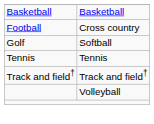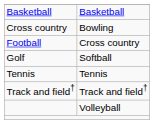 <table class="wikitable" style=" ">
 <tr>
 </tr>
 <tr>
 <td><a href='#'>Basketball</a></td>
 <td><a href='#'>Basketball</a></td>
+</tr>
+<tr>
+<td>Cross country</td>
+<td>Bowling</td>
 </tr>
 <tr>
 <td><a href='#'>Football</a></td>
 <td>Cross country</td>
 </tr>
 <tr>
 <td>Golf</td>
 <td>Softball</td>
 </tr>
 <tr>
 <td>Tennis</td>
 <td>Tennis</td>
 </tr>
 <tr>
 <td>Track and field<sup>†</sup></td>
 <td>Track and field<sup>†</sup></td>
 </tr>
 <tr>
 <td></td>
 <td>Volleyball</td>
 </tr>
 <tr>
 <td colspan="2"></td>
 </tr>
 </table>
